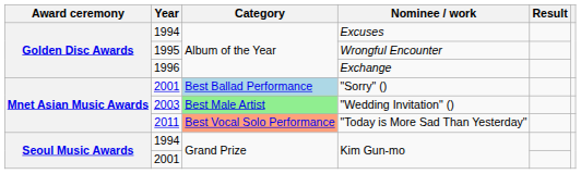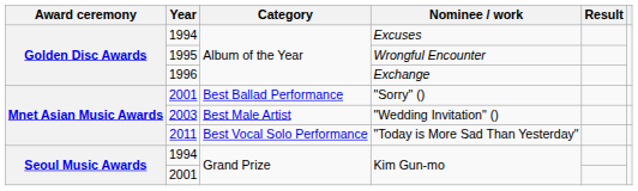 <table class="wikitable sortable plainrowheaders">
 <tr>
 <th scope="col">Award ceremony</th>
 <th scope="col">Year</th>
 <th scope="col">Category</th>
 <th scope="col">Nominee / work</th>
 <th scope="col">Result</th>
 <th scope="col" class="unsortable"></th>
 </tr>
 <tr>
 <th scope="row" rowspan="3"><a href='#'>Golden Disc Awards</a></th>
 <td style="text-align:center">1994</td>
 <td rowspan="3">Album of the Year</td>
 <td><em>Excuses</em></td>
 <td></td>
 <td style="text-align:center" rowspan="3"></td>
 </tr>
 <tr>
 <td style="text-align:center">1995</td>
 <td><em>Wrongful Encounter</em></td>
 <td></td>
 </tr>
 <tr>
 <td style="text-align:center">1996</td>
 <td><em>Exchange</em></td>
 <td></td>
 </tr>
 <tr>
 <th scope="row" rowspan="3"><a href='#'>Mnet Asian Music Awards</a></th>
 <td style="text-align:center"><a href='#'>2001</a></td>
-<td style="background: lightblue;"><a href='#'>Best Ballad Performance</a></td>
+<td><a href='#'>Best Ballad Performance</a></td>
 <td>"Sorry" ()</td>
 <td></td>
 <td style="text-align:center"></td>
 </tr>
 <tr>
 <td style="text-align:center"><a href='#'>2003</a></td>
-<td style="background: lightgreen;"><a href='#'>Best Male Artist</a></td>
+<td><a href='#'>Best Male Artist</a></td>
 <td>"Wedding Invitation" ()</td>
 <td></td>
 <td style="text-align:center"></td>
 </tr>
 <tr>
 <td style="text-align:center"><a href='#'>2011</a></td>
-<td style="background: lightsalmon;"><a href='#'>Best Vocal Solo Performance</a></td>
+<td><a href='#'>Best Vocal Solo Performance</a></td>
 <td>"Today is More Sad Than Yesterday"</td>
 <td></td>
 <td style="text-align:center"></td>
 </tr>
 <tr>
 <th scope="row" rowspan="2"><a href='#'>Seoul Music Awards</a></th>
 <td style="text-align:center">1994</td>
 <td rowspan="2">Grand Prize</td>
 <td rowspan="2">Kim Gun-mo</td>
 <td></td>
 <td style="text-align:center" rowspan="2"></td>
 </tr>
 <tr>
 <td style="text-align:center">2001</td>
 <td></td>
 </tr>
 </table>
